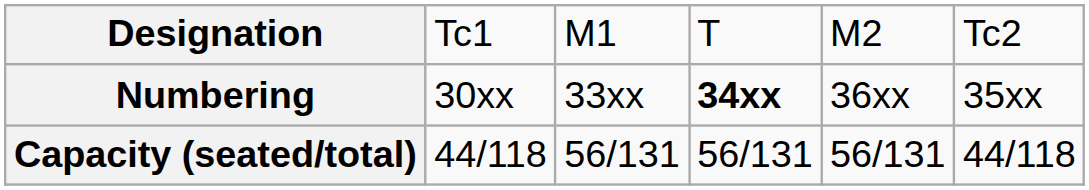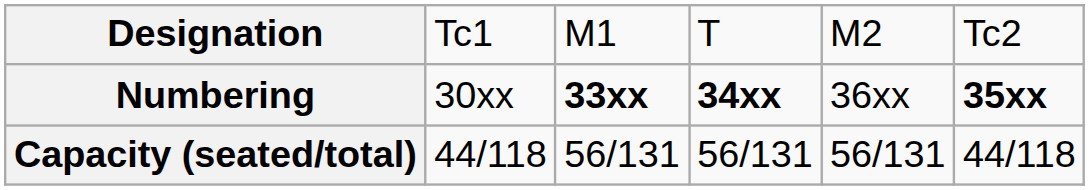 <table class="wikitable">
 <tr>
 <th>Designation</th>
 <td>Tc1</td>
 <td>M1</td>
 <td>T</td>
 <td>M2</td>
 <td>Tc2</td>
 </tr>
 <tr>
 <th>Numbering</th>
 <td>30xx</td>
-<td>33xx</td>
+<td><strong>33xx</strong></td>
 <td><strong>34xx</strong></td>
 <td>36xx</td>
-<td>35xx</td>
+<td><strong>35xx</strong></td>
 </tr>
 <tr>
 <th>Capacity (seated/total)</th>
 <td>44/118</td>
 <td>56/131</td>
 <td>56/131</td>
 <td>56/131</td>
 <td>44/118</td>
 </tr>
 </table>
